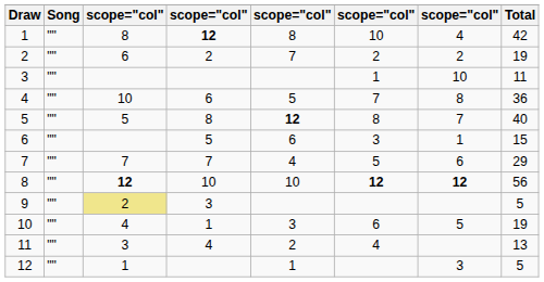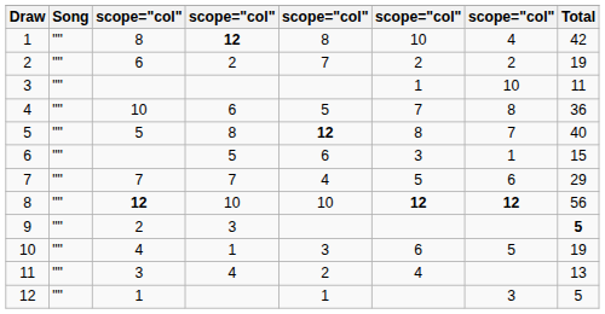 <table class="wikitable collapsible" style="margin: 1em auto 1em auto; text-align:center;">
 <tr>
 </tr>
 <tr>
 <th>Draw</th>
 <th>Song</th>
 <th>scope="col" </th>
 <th>scope="col" </th>
 <th>scope="col" </th>
 <th>scope="col" </th>
 <th>scope="col" </th>
 <th>Total</th>
 </tr>
 <tr>
 <td>1</td>
 <td align="left">""</td>
 <td>8</td>
 <td><strong>12</strong></td>
 <td>8</td>
 <td>10</td>
 <td>4</td>
 <td>42</td>
 </tr>
 <tr>
 <td>2</td>
 <td align="left">""</td>
 <td>6</td>
 <td>2</td>
 <td>7</td>
 <td>2</td>
 <td>2</td>
 <td>19</td>
 </tr>
 <tr>
 <td>3</td>
 <td align="left">""</td>
 <td></td>
 <td></td>
 <td></td>
 <td>1</td>
 <td>10</td>
 <td>11</td>
 </tr>
 <tr>
 <td>4</td>
 <td align="left">""</td>
 <td>10</td>
 <td>6</td>
 <td>5</td>
 <td>7</td>
 <td>8</td>
 <td>36</td>
 </tr>
 <tr>
 <td>5</td>
 <td align="left">""</td>
 <td>5</td>
 <td>8</td>
 <td><strong>12</strong></td>
 <td>8</td>
 <td>7</td>
 <td>40</td>
 </tr>
 <tr>
 <td>6</td>
 <td align="left">""</td>
 <td></td>
 <td>5</td>
 <td>6</td>
 <td>3</td>
 <td>1</td>
 <td>15</td>
 </tr>
 <tr>
 <td>7</td>
 <td align="left">""</td>
 <td>7</td>
 <td>7</td>
 <td>4</td>
 <td>5</td>
 <td>6</td>
 <td>29</td>
 </tr>
 <tr>
 <td>8</td>
 <td align="left">""</td>
 <td><strong>12</strong></td>
 <td>10</td>
 <td>10</td>
 <td><strong>12</strong></td>
 <td><strong>12</strong></td>
 <td>56</td>
 </tr>
 <tr>
 <td>9</td>
 <td align="left">""</td>
-<td style="background: khaki;">2</td>
+<td>2</td>
 <td>3</td>
 <td></td>
 <td></td>
 <td></td>
-<td>5</td>
+<td><strong>5</strong></td>
 </tr>
 <tr>
 <td>10</td>
 <td align="left">""</td>
 <td>4</td>
 <td>1</td>
 <td>3</td>
 <td>6</td>
 <td>5</td>
 <td>19</td>
 </tr>
 <tr>
 <td>11</td>
 <td align="left">""</td>
 <td>3</td>
 <td>4</td>
 <td>2</td>
 <td>4</td>
 <td></td>
 <td>13</td>
 </tr>
 <tr>
 <td>12</td>
 <td align="left">""</td>
 <td>1</td>
 <td></td>
 <td>1</td>
 <td></td>
 <td>3</td>
 <td>5</td>
 </tr>
 </table>
